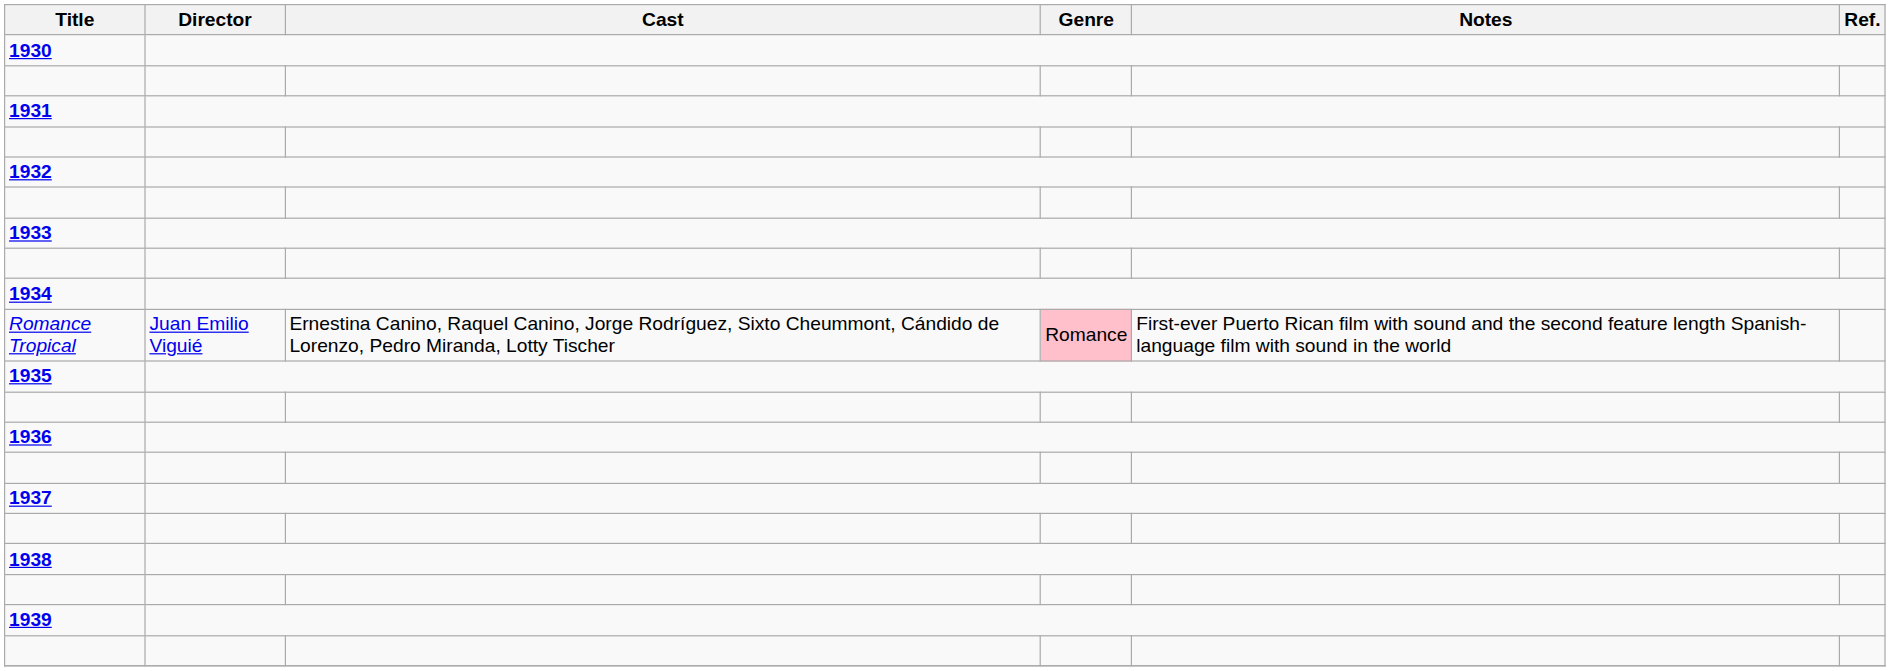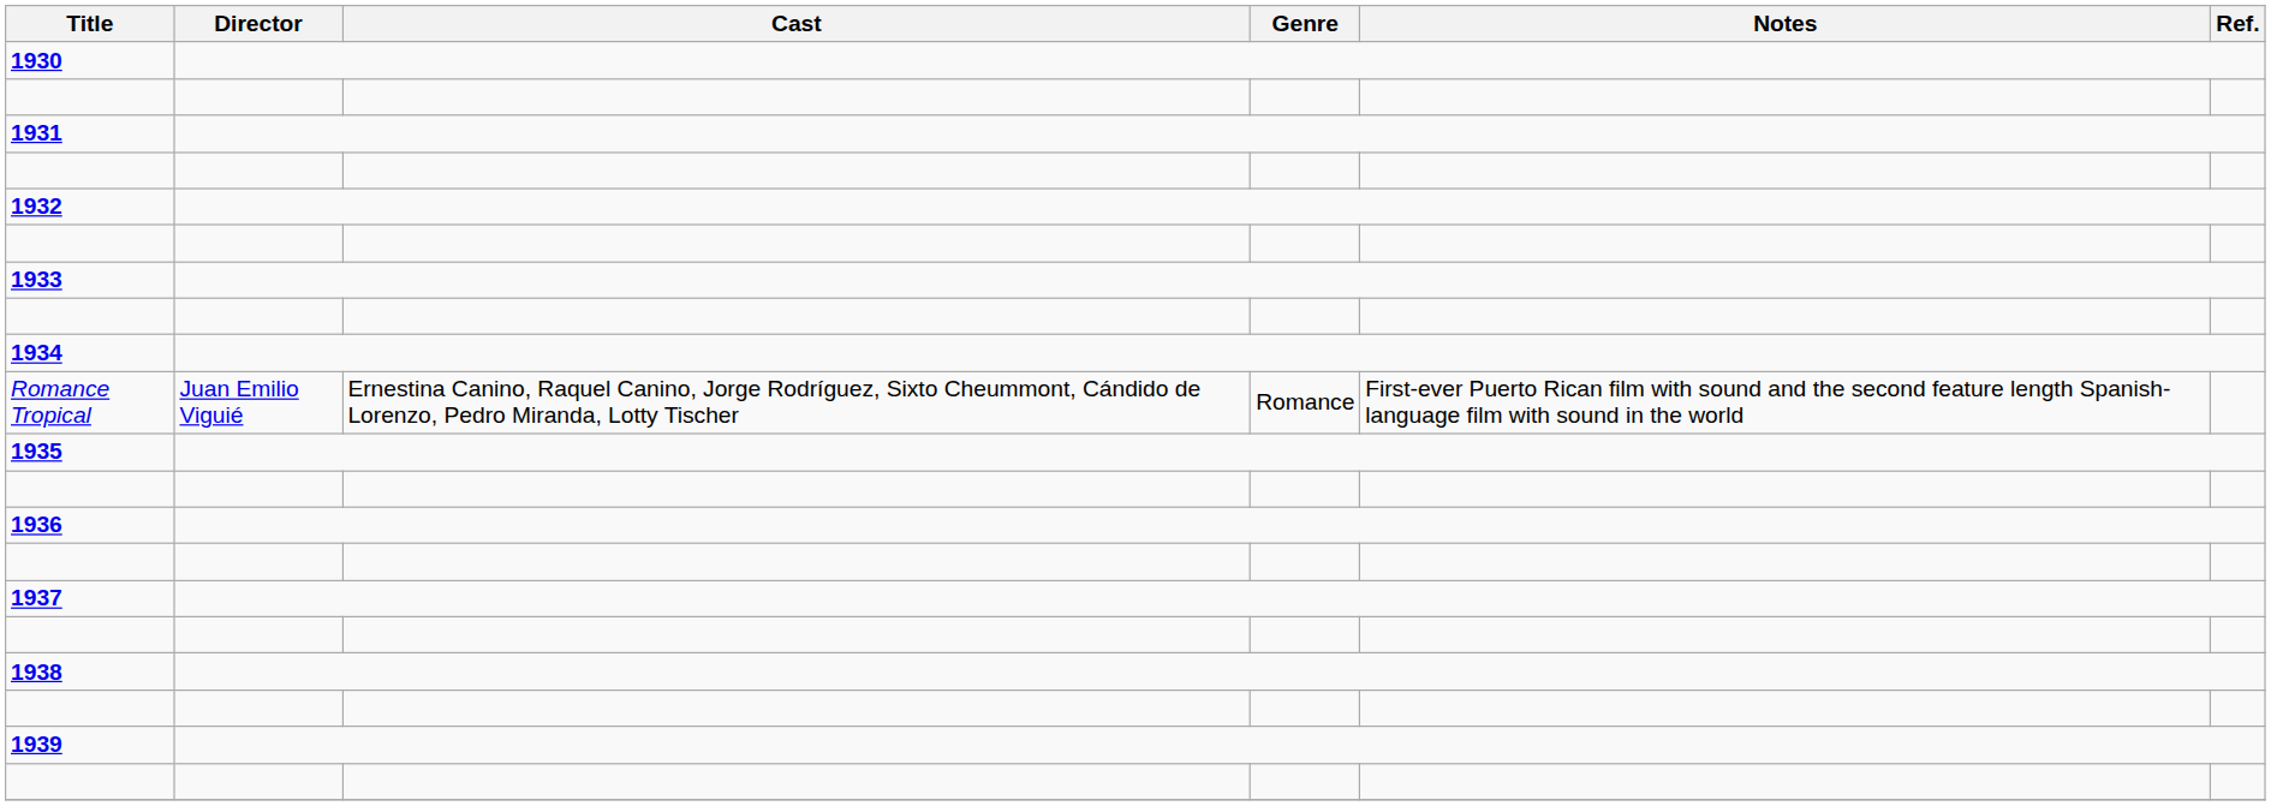 <table class="wikitable">
 <tr>
 <th>Title</th>
 <th>Director</th>
 <th>Cast</th>
 <th>Genre</th>
 <th>Notes</th>
 <th>Ref.</th>
 </tr>
 <tr>
 <td><strong> <a href='#'>1930</a> </strong></td>
 </tr>
 <tr>
 <td><em> </em></td>
 <td></td>
 <td></td>
 <td></td>
 <td></td>
 <td></td>
 </tr>
 <tr>
 <td><strong> <a href='#'>1931</a> </strong></td>
 </tr>
 <tr>
 <td><em> </em></td>
 <td></td>
 <td></td>
 <td></td>
 <td></td>
 <td></td>
 </tr>
 <tr>
 <td><strong> <a href='#'>1932</a> </strong></td>
 </tr>
 <tr>
 <td><em> </em></td>
 <td></td>
 <td></td>
 <td></td>
 <td></td>
 <td></td>
 </tr>
 <tr>
 <td><strong> <a href='#'>1933</a> </strong></td>
 </tr>
 <tr>
 <td><em> </em></td>
 <td></td>
 <td></td>
 <td></td>
 <td></td>
 <td></td>
 </tr>
 <tr>
 <td><strong> <a href='#'>1934</a> </strong></td>
 </tr>
 <tr>
 <td><em><a href='#'>Romance Tropical</a></em></td>
 <td><a href='#'>Juan Emilio Viguié</a></td>
 <td>Ernestina Canino, Raquel Canino, Jorge Rodríguez, Sixto Cheummont, Cándido de Lorenzo, Pedro Miranda, Lotty Tischer</td>
-<td style="background: pink;">Romance</td>
+<td>Romance</td>
 <td>First-ever Puerto Rican film with sound and the second feature length Spanish-language film with sound in the world</td>
 <td></td>
 </tr>
 <tr>
 <td><strong> <a href='#'>1935</a> </strong></td>
 </tr>
 <tr>
 <td><em> </em></td>
 <td></td>
 <td></td>
 <td></td>
 <td></td>
 <td></td>
 </tr>
 <tr>
 <td><strong> <a href='#'>1936</a> </strong></td>
 </tr>
 <tr>
 <td><em> </em></td>
 <td></td>
 <td></td>
 <td></td>
 <td></td>
 <td></td>
 </tr>
 <tr>
 <td><strong> <a href='#'>1937</a> </strong></td>
 </tr>
 <tr>
 <td><em> </em></td>
 <td></td>
 <td></td>
 <td></td>
 <td></td>
 <td></td>
 </tr>
 <tr>
 <td><strong> <a href='#'>1938</a> </strong></td>
 </tr>
 <tr>
 <td><em> </em></td>
 <td></td>
 <td></td>
 <td></td>
 <td></td>
 <td></td>
 </tr>
 <tr>
 <td><strong> <a href='#'>1939</a> </strong></td>
 </tr>
 <tr>
 <td><em> </em></td>
 <td></td>
 <td></td>
 <td></td>
 <td></td>
 <td></td>
 </tr>
 <tr>
 </tr>
 </table>
